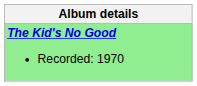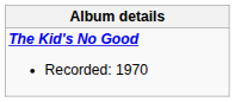 <table class="wikitable" style="text-align:center">
 <tr>
 <th rowspan="1" style="width:15em">Album details</th>
 </tr>
 <tr>
-<td align="left" style="background: lightgreen;"><strong><em><a href='#'>The Kid's No Good</a></em></strong><br><ul><li>Recorded: 1970</li></ul></td>
+<td align="left"><strong><em><a href='#'>The Kid's No Good</a></em></strong><br><ul><li>Recorded: 1970</li></ul></td>
 </tr>
 </table>
